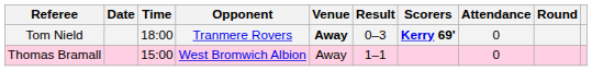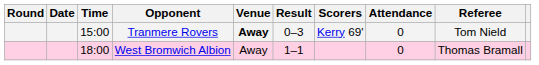 <table class="wikitable sortable" style="text-align:center">
 <tr>
-<th class="unsortable">Referee</th>
+<th>Round</th>
 <th>Date</th>
 <th>Time</th>
 <th>Opponent</th>
 <th>Venue</th>
 <th>Result</th>
 <th class="unsortable">Scorers</th>
 <th>Attendance</th>
-<th>Round</th>
+<th class="unsortable">Referee</th>
 <th class="unsortable"></th>
 </tr>
 <tr bgcolor="#f3f3f3">
-<td>Tom Nield</td>
 <td></td>
-<td>18:00</td>
+<td></td>
+<td>15:00</td>
 <td><a href='#'>Tranmere Rovers</a></td>
 <td><strong>Away</strong></td>
 <td>0–3</td>
-<td><strong><a href='#'>Kerry</a> 69'</strong></td>
+<td><a href='#'>Kerry</a> 69'</td>
 <td>0</td>
-<td></td>
+<td>Tom Nield</td>
 <td></td>
 </tr>
 <tr bgcolor="#ffd0e3">
-<td>Thomas Bramall</td>
 <td></td>
-<td>15:00</td>
+<td></td>
+<td>18:00</td>
 <td><a href='#'>West Bromwich Albion</a></td>
 <td>Away</td>
 <td>1–1 </td>
 <td></td>
 <td>0</td>
-<td></td>
+<td>Thomas Bramall</td>
 <td></td>
 </tr>
 </table>
